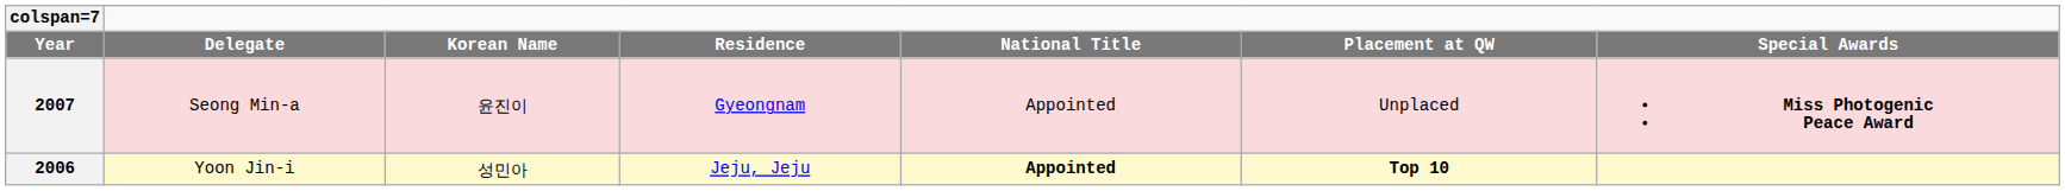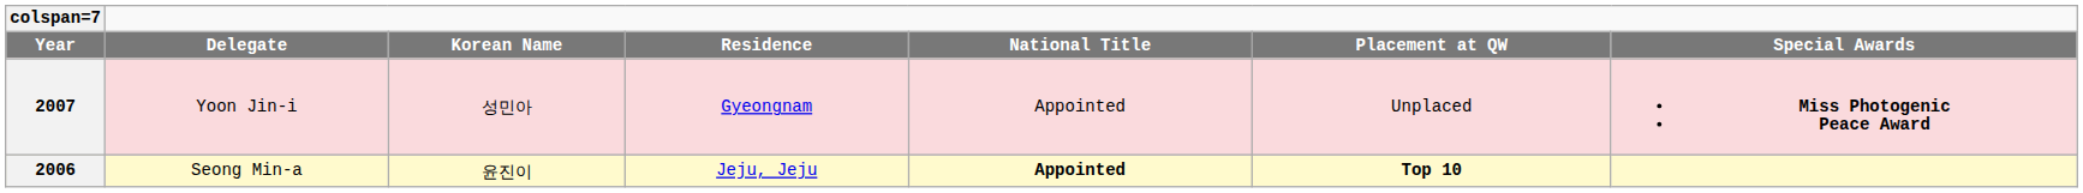 <table class="wikitable sortable" style="font-size: 85%; text-align:center">
 <tr>
 <th>colspan=7 </th>
 </tr>
 <tr>
 <th width="60" style="background-color:#787878;color:#FFFFFF;">Year</th>
 <th width="180" style="background-color:#787878;color:#FFFFFF;">Delegate</th>
 <th width="150" style="background-color:#787878;color:#FFFFFF;">Korean Name</th>
 <th width="180" style="background-color:#787878;color:#FFFFFF;">Residence</th>
 <th width="220" style="background-color:#787878;color:#FFFFFF;">National Title</th>
 <th width="230" style="background-color:#787878;color:#FFFFFF;">Placement at QW</th>
 <th width="300" style="background-color:#787878;color:#FFFFFF;">Special Awards</th>
 </tr>
 <tr style="background-color:#FADADD;: bold">
 <th>2007</th>
-<td>Seong Min-a</td>
-<td>윤진이</td>
+<td>Yoon Jin-i</td>
+<td>성민아</td>
 <td><a href='#'>Gyeongnam</a></td>
 <td>Appointed</td>
 <td>Unplaced</td>
 <td><br><ul><li><strong>Miss Photogenic</strong></li><li><strong>Peace Award</strong></li></ul></td>
 </tr>
 <tr style="background-color:#FFFACD;">
 <th>2006</th>
-<td>Yoon Jin-i</td>
-<td>성민아</td>
+<td>Seong Min-a</td>
+<td>윤진이</td>
 <td><a href='#'>Jeju, Jeju</a></td>
 <td><strong>Appointed</strong></td>
 <td><strong>Top 10</strong></td>
 <td></td>
 </tr>
 </table>
